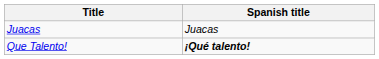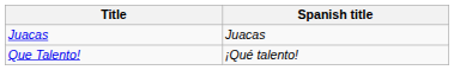 <table class="wikitable sortable plainrowheaders" style="width:90%;">
 <tr>
 <th scope="col">Title</th>
 <th scope="col">Spanish title</th>
 </tr>
 <tr>
 <td><em><a href='#'>Juacas</a></em></td>
 <td><em>Juacas</em></td>
 </tr>
 <tr>
 <td><em><a href='#'>Que Talento!</a></em></td>
-<td><strong><em>¡Qué talento!</em></strong></td>
+<td><em>¡Qué talento!</em></td>
 </tr>
 </table>
